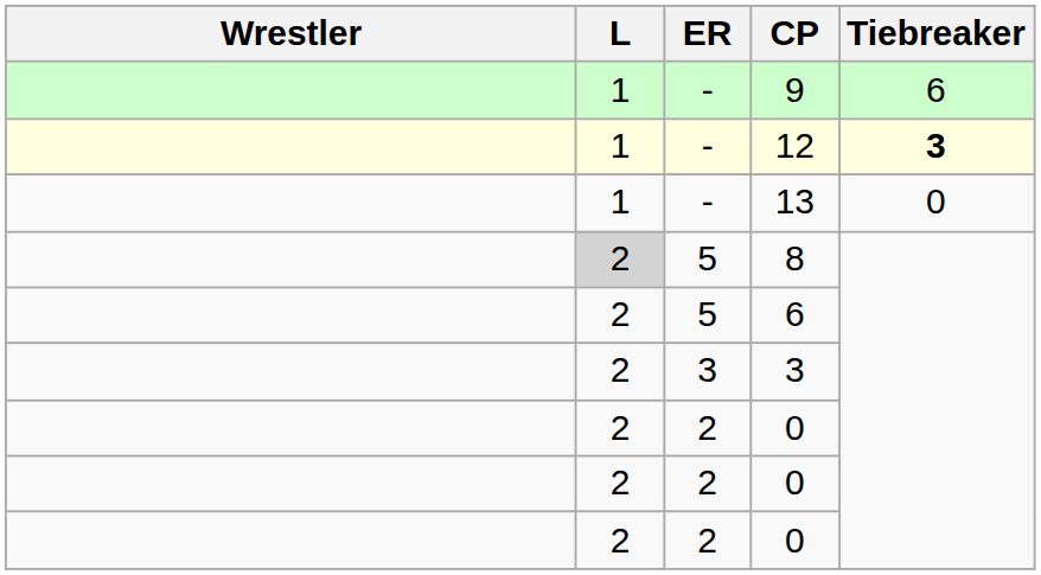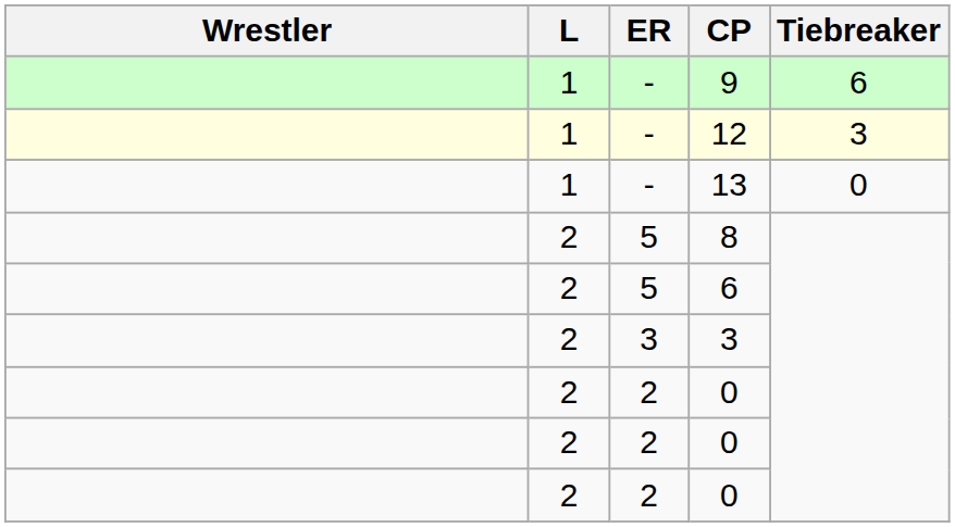 <table class="wikitable" style="text-align: center;" |>
 <tr>
 <th width="250">Wrestler</th>
 <th width="32">L</th>
 <th width="32">ER</th>
 <th width="32">CP</th>
 <th width="60">Tiebreaker</th>
 </tr>
 <tr bgcolor="ccffcc">
 <td style="text-align:left;"></td>
 <td>1</td>
 <td>-</td>
 <td>9</td>
 <td>6</td>
 </tr>
 <tr bgcolor="lightyellow">
 <td style="text-align:left;"></td>
 <td>1</td>
 <td>-</td>
 <td>12</td>
-<td><strong>3</strong></td>
+<td>3</td>
 </tr>
 <tr>
 <td style="text-align:left;"></td>
 <td>1</td>
 <td>-</td>
 <td>13</td>
 <td>0</td>
 </tr>
 <tr>
 <td style="text-align:left;"></td>
-<td style="background: lightgrey;">2</td>
+<td>2</td>
 <td>5</td>
 <td>8</td>
 </tr>
 <tr>
 <td style="text-align:left;"></td>
 <td>2</td>
 <td>5</td>
 <td>6</td>
 </tr>
 <tr>
 <td style="text-align:left;"></td>
 <td>2</td>
 <td>3</td>
 <td>3</td>
 </tr>
 <tr>
 <td style="text-align:left;"></td>
 <td>2</td>
 <td>2</td>
 <td>0</td>
 </tr>
 <tr>
 <td style="text-align:left;"></td>
 <td>2</td>
 <td>2</td>
 <td>0</td>
 </tr>
 <tr>
 <td style="text-align:left;"></td>
 <td>2</td>
 <td>2</td>
 <td>0</td>
 </tr>
 </table>
